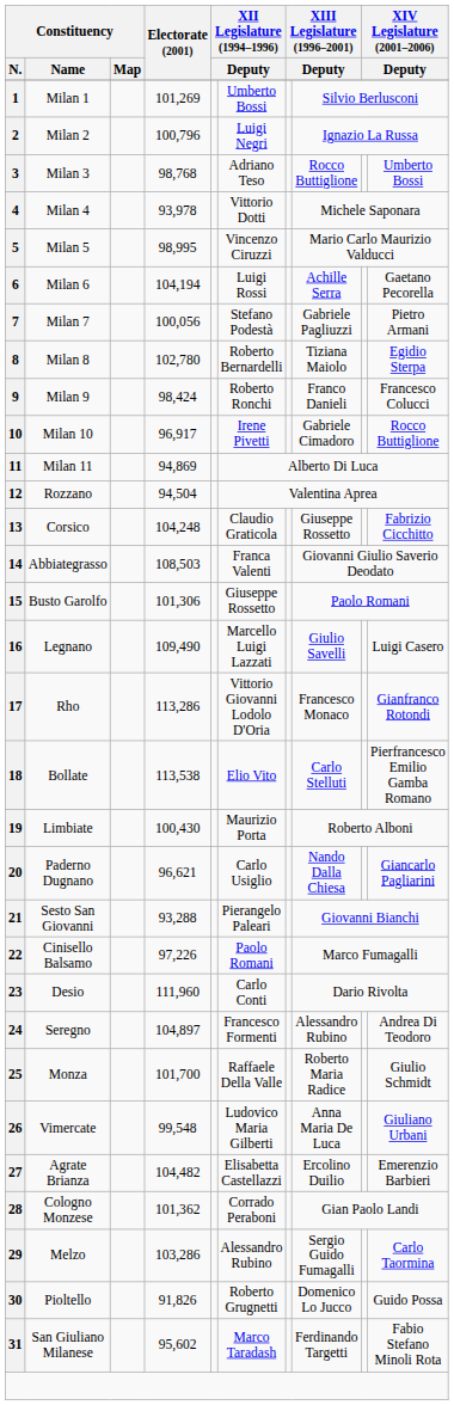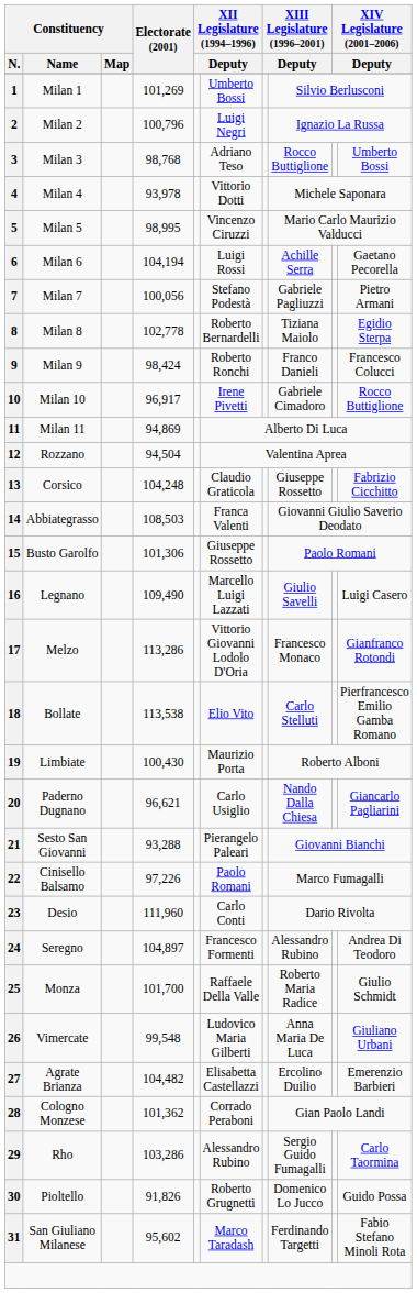 <table class="wikitable" style="text-align:center; style="width=60%">
 <tr>
 <th width=35% colspan="3">Constituency</th>
 <th width=10% rowspan="2">Electorate<br><small>(2001)</small></th>
 <th width=20% colspan="2"><a href='#'>XII Legislature</a><br><small>(1994–1996)</small></th>
 <th width=20% colspan="2"><a href='#'>XIII Legislature</a><br><small>(1996–2001)</small></th>
 <th width=20% colspan="2"><a href='#'>XIV Legislature</a><br><small>(2001–2006)</small></th>
 </tr>
 <tr>
 <th width=1%>N.</th>
 <th width=18%>Name</th>
 <th width=5%>Map</th>
 <th width=30% colspan="2">Deputy</th>
 <th width=30% colspan="2">Deputy</th>
 <th width=30% colspan="2">Deputy</th>
 </tr>
 <tr>
 </tr>
 <tr style="height:2em;">
 <th>1</th>
 <td>Milan 1</td>
 <td></td>
 <td>101,269</td>
 <td style="background:"></td>
 <td><a href='#'>Umberto Bossi</a></td>
 <td style="background:"></td>
 <td colspan=3><a href='#'>Silvio Berlusconi</a></td>
 </tr>
 <tr style="height:2em;">
 <th>2</th>
 <td>Milan 2</td>
 <td></td>
 <td>100,796</td>
 <td style="background:"></td>
 <td><a href='#'>Luigi Negri</a></td>
 <td style="background:"></td>
 <td colspan=3><a href='#'>Ignazio La Russa</a></td>
 </tr>
 <tr style="height:2em;">
 <th>3</th>
 <td>Milan 3</td>
 <td></td>
 <td>98,768</td>
 <td style="background:"></td>
 <td>Adriano Teso</td>
 <td style="background:"></td>
 <td><a href='#'>Rocco Buttiglione</a></td>
 <td style="background:"></td>
 <td><a href='#'>Umberto Bossi</a></td>
 </tr>
 <tr style="height:2em;">
 <th>4</th>
 <td>Milan 4</td>
 <td></td>
 <td>93,978</td>
 <td style="background:"></td>
 <td>Vittorio Dotti</td>
 <td style="background:"></td>
 <td colspan=3>Michele Saponara</td>
 </tr>
 <tr style="height:2em;">
 <th>5</th>
 <td>Milan 5</td>
 <td></td>
 <td>98,995</td>
 <td style="background:"></td>
 <td>Vincenzo Ciruzzi</td>
 <td style="background:"></td>
 <td colspan=3>Mario Carlo Maurizio Valducci</td>
 </tr>
 <tr style="height:2em;">
 <th>6</th>
 <td>Milan 6</td>
 <td></td>
 <td>104,194</td>
 <td style="background:"></td>
 <td>Luigi Rossi</td>
 <td style="background:"></td>
 <td><a href='#'>Achille Serra</a></td>
 <td style="background:"></td>
 <td>Gaetano Pecorella</td>
 </tr>
 <tr style="height:2em;">
 <th>7</th>
 <td>Milan 7</td>
 <td></td>
 <td>100,056</td>
 <td style="background:"></td>
 <td>Stefano Podestà</td>
 <td style="background:"></td>
 <td>Gabriele Pagliuzzi</td>
 <td style="background:"></td>
 <td>Pietro Armani</td>
 </tr>
 <tr style="height:2em;">
 <th>8</th>
 <td>Milan 8</td>
 <td></td>
-<td>102,780</td>
+<td>102,778</td>
 <td style="background:"></td>
 <td>Roberto Bernardelli</td>
 <td style="background:"></td>
 <td>Tiziana Maiolo</td>
 <td style="background:"></td>
 <td><a href='#'>Egidio Sterpa</a></td>
 </tr>
 <tr style="height:2em;">
 <th>9</th>
 <td>Milan 9</td>
 <td></td>
 <td>98,424</td>
 <td style="background:"></td>
 <td>Roberto Ronchi</td>
 <td style="background:"></td>
 <td>Franco Danieli</td>
 <td style="background:"></td>
 <td>Francesco Colucci</td>
 </tr>
 <tr style="height:2em;">
 <th>10</th>
 <td>Milan 10</td>
 <td></td>
 <td>96,917</td>
 <td style="background:"></td>
 <td><a href='#'>Irene Pivetti</a></td>
 <td style="background:"></td>
 <td>Gabriele Cimadoro</td>
 <td style="background:"></td>
 <td><a href='#'>Rocco Buttiglione</a></td>
 </tr>
 <tr style="height:2em;">
 <th>11</th>
 <td>Milan 11</td>
 <td></td>
 <td>94,869</td>
 <td style="background:"></td>
 <td colspan=9>Alberto Di Luca</td>
 </tr>
 <tr style="height:2em;">
 <th>12</th>
 <td>Rozzano</td>
 <td></td>
 <td>94,504</td>
 <td style="background:"></td>
 <td colspan=9>Valentina Aprea</td>
 </tr>
 <tr style="height:2em;">
 <th>13</th>
 <td>Corsico</td>
 <td></td>
 <td>104,248</td>
 <td style="background:"></td>
 <td>Claudio Graticola</td>
 <td style="background:"></td>
 <td>Giuseppe Rossetto</td>
 <td style="background:"></td>
 <td><a href='#'>Fabrizio Cicchitto</a></td>
 </tr>
 <tr style="height:2em;">
 <th>14</th>
 <td>Abbiategrasso</td>
 <td></td>
 <td>108,503</td>
 <td style="background:"></td>
 <td>Franca Valenti</td>
 <td style="background:"></td>
 <td colspan=3>Giovanni Giulio Saverio Deodato</td>
 </tr>
 <tr style="height:2em;">
 <th>15</th>
 <td>Busto Garolfo</td>
 <td></td>
 <td>101,306</td>
 <td style="background:"></td>
 <td>Giuseppe Rossetto</td>
 <td style="background:"></td>
 <td colspan=3><a href='#'>Paolo Romani</a></td>
 </tr>
 <tr style="height:2em;">
 <th>16</th>
 <td>Legnano</td>
 <td></td>
 <td>109,490</td>
 <td style="background:"></td>
 <td>Marcello Luigi Lazzati</td>
 <td style="background:"></td>
 <td><a href='#'>Giulio Savelli</a></td>
 <td style="background:"></td>
 <td>Luigi Casero</td>
 </tr>
 <tr style="height:2em;">
 <th>17</th>
-<td>Rho</td>
+<td>Melzo</td>
 <td></td>
 <td>113,286</td>
 <td style="background:"></td>
 <td>Vittorio Giovanni Lodolo D'Oria</td>
 <td style="background:"></td>
 <td>Francesco Monaco</td>
 <td style="background:"></td>
 <td><a href='#'>Gianfranco Rotondi</a></td>
 </tr>
 <tr style="height:2em;">
 <th>18</th>
 <td>Bollate</td>
 <td></td>
 <td>113,538</td>
 <td style="background:"></td>
 <td><a href='#'>Elio Vito</a></td>
 <td style="background:"></td>
 <td><a href='#'>Carlo Stelluti</a></td>
 <td style="background:"></td>
 <td>Pierfrancesco Emilio Gamba Romano</td>
 </tr>
 <tr style="height:2em;">
 <th>19</th>
 <td>Limbiate</td>
 <td></td>
 <td>100,430</td>
 <td style="background:"></td>
 <td>Maurizio Porta</td>
 <td style="background:"></td>
 <td colspan=3>Roberto Alboni</td>
 </tr>
 <tr style="height:2em;">
 <th>20</th>
 <td>Paderno Dugnano</td>
 <td></td>
 <td>96,621</td>
 <td style="background:"></td>
 <td>Carlo Usiglio</td>
 <td style="background:"></td>
 <td><a href='#'>Nando Dalla Chiesa</a></td>
 <td style="background:"></td>
 <td><a href='#'>Giancarlo Pagliarini</a></td>
 </tr>
 <tr style="height:2em;">
 <th>21</th>
 <td>Sesto San Giovanni</td>
 <td></td>
 <td>93,288</td>
 <td style="background:"></td>
 <td>Pierangelo Paleari</td>
 <td style="background:"></td>
 <td colspan=3><a href='#'>Giovanni Bianchi</a></td>
 </tr>
 <tr style="height:2em;">
 <th>22</th>
 <td>Cinisello Balsamo</td>
 <td></td>
 <td>97,226</td>
 <td style="background:"></td>
 <td><a href='#'>Paolo Romani</a></td>
 <td style="background:"></td>
 <td colspan=3>Marco Fumagalli</td>
 </tr>
 <tr style="height:2em;">
 <th>23</th>
 <td>Desio</td>
 <td></td>
 <td>111,960</td>
 <td style="background:"></td>
 <td>Carlo Conti</td>
 <td style="background:"></td>
 <td colspan=3>Dario Rivolta</td>
 </tr>
 <tr style="height:2em;">
 <th>24</th>
 <td>Seregno</td>
 <td></td>
 <td>104,897</td>
 <td style="background:"></td>
 <td>Francesco Formenti</td>
 <td style="background:"></td>
 <td>Alessandro Rubino</td>
 <td style="background:"></td>
 <td>Andrea Di Teodoro</td>
 </tr>
 <tr style="height:2em;">
 <th>25</th>
 <td>Monza</td>
 <td></td>
 <td>101,700</td>
 <td style="background:"></td>
 <td>Raffaele Della Valle</td>
 <td style="background:"></td>
 <td>Roberto Maria Radice</td>
 <td style="background:"></td>
 <td>Giulio Schmidt</td>
 </tr>
 <tr style="height:2em;">
 <th>26</th>
 <td>Vimercate</td>
 <td></td>
 <td>99,548</td>
 <td style="background:"></td>
 <td>Ludovico Maria Gilberti</td>
 <td style="background:"></td>
 <td>Anna Maria De Luca</td>
 <td style="background:"></td>
 <td><a href='#'>Giuliano Urbani</a></td>
 </tr>
 <tr style="height:2em;">
 <th>27</th>
 <td>Agrate Brianza</td>
 <td></td>
 <td>104,482</td>
 <td style="background:"></td>
 <td>Elisabetta Castellazzi</td>
 <td style="background:"></td>
 <td>Ercolino Duilio</td>
 <td style="background:"></td>
 <td>Emerenzio Barbieri</td>
 </tr>
 <tr style="height:2em;">
 <th>28</th>
 <td>Cologno Monzese</td>
 <td></td>
 <td>101,362</td>
 <td style="background:"></td>
 <td>Corrado Peraboni</td>
 <td style="background:"></td>
 <td colspan=3>Gian Paolo Landi</td>
 </tr>
 <tr style="height:2em;">
 <th>29</th>
-<td>Melzo</td>
+<td>Rho</td>
 <td></td>
 <td>103,286</td>
 <td style="background:"></td>
 <td>Alessandro Rubino</td>
 <td style="background:"></td>
 <td>Sergio Guido Fumagalli</td>
 <td style="background:"></td>
 <td><a href='#'>Carlo Taormina</a></td>
 </tr>
 <tr style="height:2em;">
 <th>30</th>
 <td>Pioltello</td>
 <td></td>
 <td>91,826</td>
 <td style="background:"></td>
 <td>Roberto Grugnetti</td>
 <td style="background:"></td>
 <td>Domenico Lo Jucco</td>
 <td style="background:"></td>
 <td>Guido Possa</td>
 </tr>
 <tr style="height:2em;">
 <th>31</th>
 <td>San Giuliano Milanese</td>
 <td></td>
 <td>95,602</td>
 <td style="background:"></td>
 <td><a href='#'>Marco Taradash</a></td>
 <td style="background:"></td>
 <td>Ferdinando Targetti</td>
 <td style="background:"></td>
 <td>Fabio Stefano Minoli Rota</td>
 </tr>
 <tr style="height:2em;">
 </tr>
 </table>
